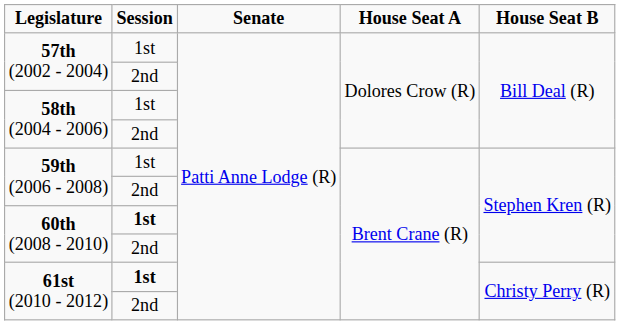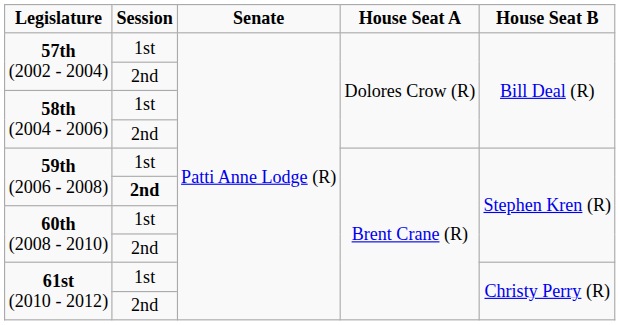 <table class=wikitable style="text-align:center">
 <tr>
 <td><strong>Legislature</strong></td>
 <td><strong>Session</strong></td>
 <td><strong>Senate</strong></td>
 <td><strong>House Seat A</strong></td>
 <td><strong>House Seat B</strong></td>
 </tr>
 <tr>
 <td rowspan="2" colspan="1" style="text-align: center;"><strong>57th</strong> <br> (2002 - 2004)</td>
 <td>1st</td>
 <td rowspan="10" colspan="1" style="text-align: center;" ><a href='#'>Patti Anne Lodge</a> (R)</td>
 <td rowspan="4" colspan="1" style="text-align: center;" >Dolores Crow (R)</td>
 <td rowspan="4" colspan="1" style="text-align: center;" ><a href='#'>Bill Deal</a> (R)</td>
 </tr>
 <tr>
 <td>2nd</td>
 </tr>
 <tr>
 <td rowspan="2" colspan="1" style="text-align: center;"><strong>58th</strong> <br> (2004 - 2006)</td>
 <td>1st</td>
 </tr>
 <tr>
 <td>2nd</td>
 </tr>
 <tr>
 <td rowspan="2" colspan="1" style="text-align: center;"><strong>59th</strong> <br> (2006 - 2008)</td>
 <td>1st</td>
 <td rowspan="6" colspan="1" style="text-align: center;" ><a href='#'>Brent Crane</a> (R)</td>
 <td rowspan="4" colspan="1" style="text-align: center;" ><a href='#'>Stephen Kren</a> (R)</td>
 </tr>
 <tr>
-<td>2nd</td>
+<td><strong>2nd</strong></td>
 </tr>
 <tr>
 <td rowspan="2" colspan="1" style="text-align: center;"><strong>60th</strong> <br> (2008 - 2010)</td>
-<td><strong>1st</strong></td>
+<td>1st</td>
 </tr>
 <tr>
 <td>2nd</td>
 </tr>
 <tr>
 <td rowspan="2" colspan="1" style="text-align: center;"><strong>61st</strong> <br> (2010 - 2012)</td>
-<td><strong>1st</strong></td>
+<td>1st</td>
 <td rowspan="2" colspan="1" style="text-align: center;" ><a href='#'>Christy Perry</a> (R)</td>
 </tr>
 <tr>
 <td>2nd</td>
 </tr>
 </table>
